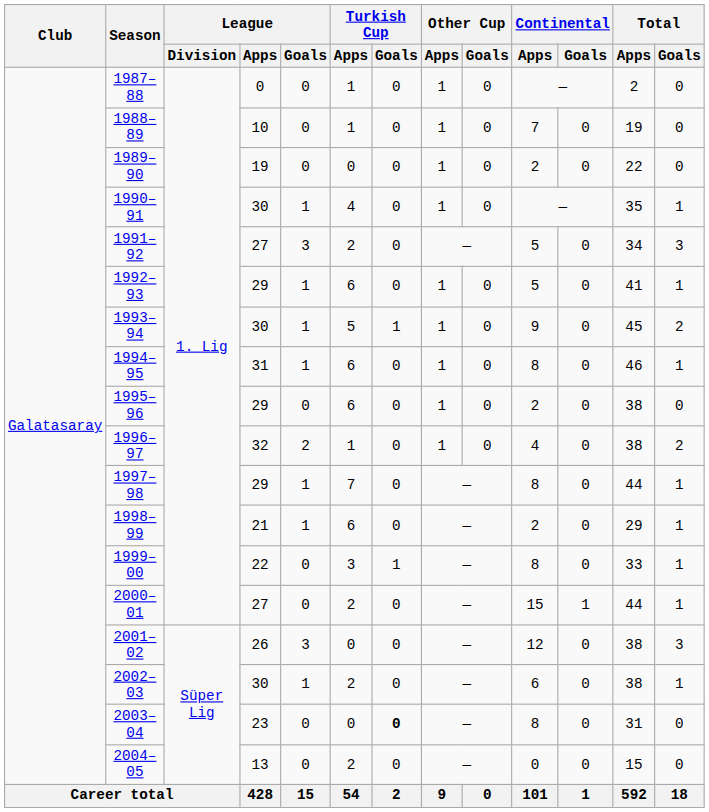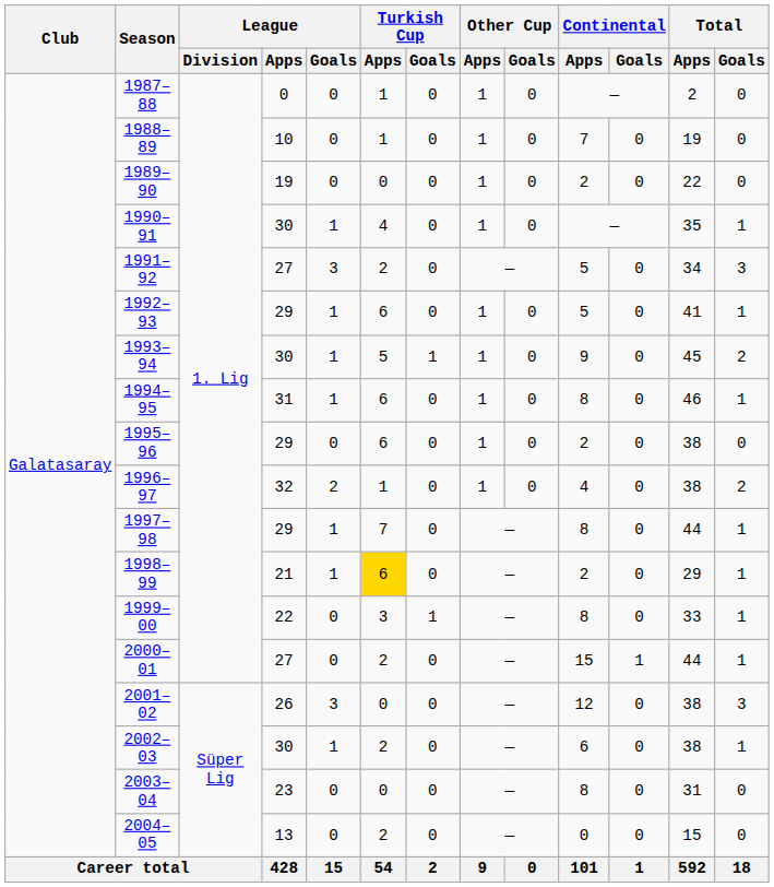 <table class="wikitable" style="text-align:center">
 <tr>
 <th rowspan="2">Club</th>
 <th rowspan="2">Season</th>
 <th colspan="3">League</th>
 <th colspan="2"><a href='#'>Turkish Cup</a></th>
 <th colspan="2">Other Cup</th>
 <th colspan="2"><a href='#'>Continental</a></th>
 <th colspan="2">Total</th>
 </tr>
 <tr>
 <th>Division</th>
 <th>Apps</th>
 <th>Goals</th>
 <th>Apps</th>
 <th>Goals</th>
 <th>Apps</th>
 <th>Goals</th>
 <th>Apps</th>
 <th>Goals</th>
 <th>Apps</th>
 <th>Goals</th>
 </tr>
 <tr>
 <td rowspan="18"><a href='#'>Galatasaray</a></td>
 <td><a href='#'>1987–88</a></td>
 <td rowspan="14"><a href='#'>1. Lig</a></td>
 <td>0</td>
 <td>0</td>
 <td>1</td>
 <td>0</td>
 <td>1</td>
 <td>0</td>
 <td colspan="2">—</td>
 <td>2</td>
 <td>0</td>
 </tr>
 <tr>
 <td><a href='#'>1988–89</a></td>
 <td>10</td>
 <td>0</td>
 <td>1</td>
 <td>0</td>
 <td>1</td>
 <td>0</td>
 <td>7</td>
 <td>0</td>
 <td>19</td>
 <td>0</td>
 </tr>
 <tr>
 <td><a href='#'>1989–90</a></td>
 <td>19</td>
 <td>0</td>
 <td>0</td>
 <td>0</td>
 <td>1</td>
 <td>0</td>
 <td>2</td>
 <td>0</td>
 <td>22</td>
 <td>0</td>
 </tr>
 <tr>
 <td><a href='#'>1990–91</a></td>
 <td>30</td>
 <td>1</td>
 <td>4</td>
 <td>0</td>
 <td>1</td>
 <td>0</td>
 <td colspan="2">—</td>
 <td>35</td>
 <td>1</td>
 </tr>
 <tr>
 <td><a href='#'>1991–92</a></td>
 <td>27</td>
 <td>3</td>
 <td>2</td>
 <td>0</td>
 <td colspan="2">—</td>
 <td>5</td>
 <td>0</td>
 <td>34</td>
 <td>3</td>
 </tr>
 <tr>
 <td><a href='#'>1992–93</a></td>
 <td>29</td>
 <td>1</td>
 <td>6</td>
 <td>0</td>
 <td>1</td>
 <td>0</td>
 <td>5</td>
 <td>0</td>
 <td>41</td>
 <td>1</td>
 </tr>
 <tr>
 <td><a href='#'>1993–94</a></td>
 <td>30</td>
 <td>1</td>
 <td>5</td>
 <td>1</td>
 <td>1</td>
 <td>0</td>
 <td>9</td>
 <td>0</td>
 <td>45</td>
 <td>2</td>
 </tr>
 <tr>
 <td><a href='#'>1994–95</a></td>
 <td>31</td>
 <td>1</td>
 <td>6</td>
 <td>0</td>
 <td>1</td>
 <td>0</td>
 <td>8</td>
 <td>0</td>
 <td>46</td>
 <td>1</td>
 </tr>
 <tr>
 <td><a href='#'>1995–96</a></td>
 <td>29</td>
 <td>0</td>
 <td>6</td>
 <td>0</td>
 <td>1</td>
 <td>0</td>
 <td>2</td>
 <td>0</td>
 <td>38</td>
 <td>0</td>
 </tr>
 <tr>
 <td><a href='#'>1996–97</a></td>
 <td>32</td>
 <td>2</td>
 <td>1</td>
 <td>0</td>
 <td>1</td>
 <td>0</td>
 <td>4</td>
 <td>0</td>
 <td>38</td>
 <td>2</td>
 </tr>
 <tr>
 <td><a href='#'>1997–98</a></td>
 <td>29</td>
 <td>1</td>
 <td>7</td>
 <td>0</td>
 <td colspan="2">—</td>
 <td>8</td>
 <td>0</td>
 <td>44</td>
 <td>1</td>
 </tr>
 <tr>
 <td><a href='#'>1998–99</a></td>
 <td>21</td>
 <td>1</td>
-<td>6</td>
+<td style="background: gold;">6</td>
 <td>0</td>
 <td colspan="2">—</td>
 <td>2</td>
 <td>0</td>
 <td>29</td>
 <td>1</td>
 </tr>
 <tr>
 <td><a href='#'>1999–00</a></td>
 <td>22</td>
 <td>0</td>
 <td>3</td>
 <td>1</td>
 <td colspan="2">—</td>
 <td>8</td>
 <td>0</td>
 <td>33</td>
 <td>1</td>
 </tr>
 <tr>
 <td><a href='#'>2000–01</a></td>
 <td>27</td>
 <td>0</td>
 <td>2</td>
 <td>0</td>
 <td colspan="2">—</td>
 <td>15</td>
 <td>1</td>
 <td>44</td>
 <td>1</td>
 </tr>
 <tr>
 <td><a href='#'>2001–02</a></td>
 <td rowspan="4"><a href='#'>Süper Lig</a></td>
 <td>26</td>
 <td>3</td>
 <td>0</td>
 <td>0</td>
 <td colspan="2">—</td>
 <td>12</td>
 <td>0</td>
 <td>38</td>
 <td>3</td>
 </tr>
 <tr>
 <td><a href='#'>2002–03</a></td>
 <td>30</td>
 <td>1</td>
 <td>2</td>
 <td>0</td>
 <td colspan="2">—</td>
 <td>6</td>
 <td>0</td>
 <td>38</td>
 <td>1</td>
 </tr>
 <tr>
 <td><a href='#'>2003–04</a></td>
 <td>23</td>
 <td>0</td>
 <td>0</td>
-<td><strong>0</strong></td>
+<td>0</td>
 <td colspan="2">—</td>
 <td>8</td>
 <td>0</td>
 <td>31</td>
 <td>0</td>
 </tr>
 <tr>
 <td><a href='#'>2004–05</a></td>
 <td>13</td>
 <td>0</td>
 <td>2</td>
 <td>0</td>
 <td colspan="2">—</td>
 <td>0</td>
 <td>0</td>
 <td>15</td>
 <td>0</td>
 </tr>
 <tr>
 <th colspan="3">Career total</th>
 <th>428</th>
 <th>15</th>
 <th>54</th>
 <th>2</th>
 <th>9</th>
 <th>0</th>
 <th>101</th>
 <th>1</th>
 <th>592</th>
 <th>18</th>
 </tr>
 </table>
